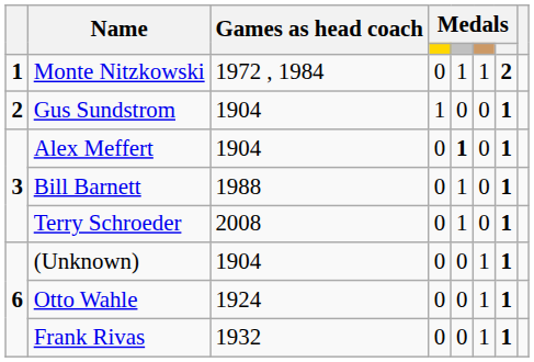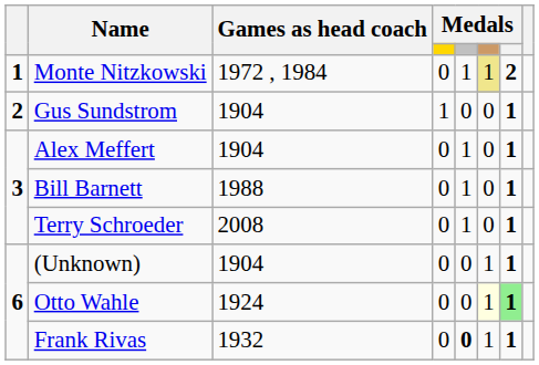 <table class="wikitable sortable" style="text-align: center; font-size: 90%; margin-left: 1em;">
 <tr>
 <th rowspan="2"></th>
 <th rowspan="2">Name</th>
 <th rowspan="2">Games as head coach</th>
 <th colspan="4">Medals</th>
 <th rowspan="2"></th>
 </tr>
 <tr>
 <th style="background-color: gold;"></th>
 <th style="background-color: silver;"></th>
 <th style="background-color: #cc9966;"></th>
 <th></th>
 </tr>
 <tr>
 <td><strong>1</strong></td>
 <td style="text-align: left;" data-sort-value="Nitzkowski, Monte"><a href='#'>Monte Nitzkowski</a></td>
 <td style="text-align: left;">1972 , 1984 </td>
 <td>0</td>
 <td>1</td>
-<td>1</td>
+<td style="background: khaki;">1</td>
 <td><strong>2</strong></td>
 <td style="text-align: left;"></td>
 </tr>
 <tr>
 <td><strong>2</strong></td>
 <td style="text-align: left;" data-sort-value="Sundstrom, Gus"><a href='#'>Gus Sundstrom</a></td>
 <td style="text-align: left;">1904 </td>
 <td>1</td>
 <td>0</td>
 <td>0</td>
 <td><strong>1</strong></td>
 <td style="text-align: left;"></td>
 </tr>
 <tr>
 <td rowspan="3"><strong>3</strong></td>
 <td style="text-align: left;" data-sort-value="Meffert, Alex"><a href='#'>Alex Meffert</a></td>
 <td style="text-align: left;">1904 </td>
 <td>0</td>
-<td><strong>1</strong></td>
+<td>1</td>
 <td>0</td>
 <td><strong>1</strong></td>
 <td style="text-align: left;"></td>
 </tr>
 <tr>
 <td style="text-align: left;" data-sort-value="Barnett, Bill"><a href='#'>Bill Barnett</a></td>
 <td style="text-align: left;">1988 </td>
 <td>0</td>
 <td>1</td>
 <td>0</td>
 <td><strong>1</strong></td>
 <td style="text-align: left;"></td>
 </tr>
 <tr>
 <td style="text-align: left;" data-sort-value="Schroeder, Terry"><a href='#'>Terry Schroeder</a></td>
 <td style="text-align: left;">2008 </td>
 <td>0</td>
 <td>1</td>
 <td>0</td>
 <td><strong>1</strong></td>
 <td style="text-align: left;"></td>
 </tr>
 <tr>
 <td rowspan="3"><strong>6</strong></td>
 <td style="text-align: left;">(Unknown)</td>
 <td style="text-align: left;">1904 </td>
 <td>0</td>
 <td>0</td>
 <td>1</td>
 <td><strong>1</strong></td>
 <td style="text-align: left;"></td>
 </tr>
 <tr>
 <td style="text-align: left;" data-sort-value="Wahle, Otto"><a href='#'>Otto Wahle</a></td>
 <td style="text-align: left;">1924 </td>
 <td>0</td>
 <td>0</td>
-<td>1</td>
-<td><strong>1</strong></td>
+<td style="background: lightyellow;">1</td>
+<td style="background: lightgreen;"><strong>1</strong></td>
 <td style="text-align: left;"></td>
 </tr>
 <tr>
 <td style="text-align: left;" data-sort-value="Rivas, Frank"><a href='#'>Frank Rivas</a></td>
 <td style="text-align: left;">1932 </td>
 <td>0</td>
-<td>0</td>
+<td><strong>0</strong></td>
 <td>1</td>
 <td><strong>1</strong></td>
 <td style="text-align: left;"></td>
 </tr>
 </table>
